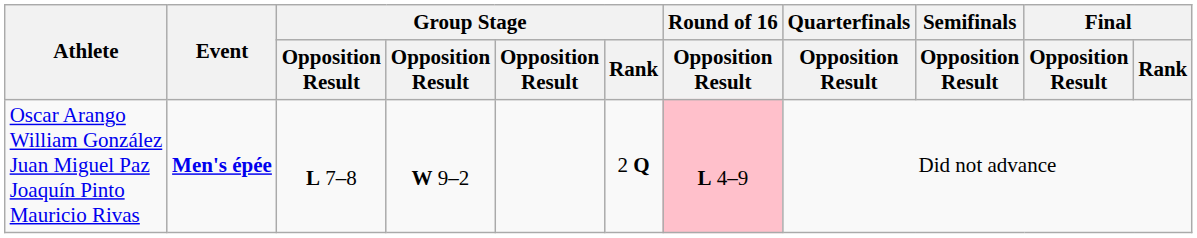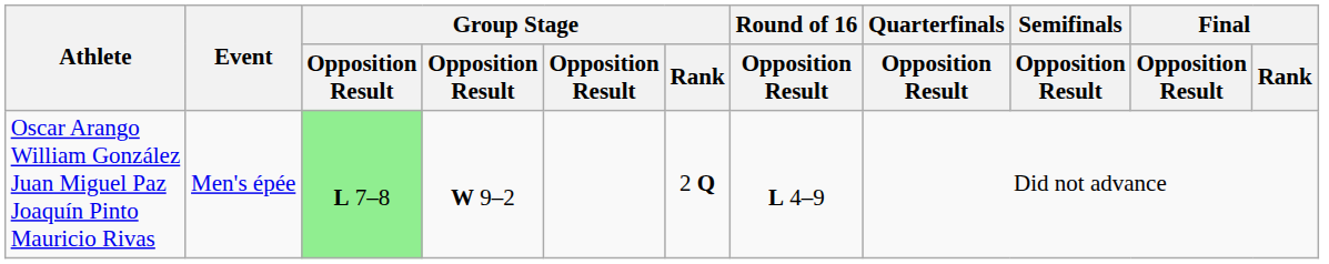 <table class=wikitable style="font-size:90%">
 <tr>
 <th rowspan="2">Athlete</th>
 <th rowspan="2">Event</th>
 <th colspan="4">Group Stage</th>
 <th>Round of 16</th>
 <th>Quarterfinals</th>
 <th>Semifinals</th>
 <th colspan="2">Final</th>
 </tr>
 <tr>
 <th>Opposition<br>Result</th>
 <th>Opposition<br>Result</th>
 <th>Opposition<br>Result</th>
 <th>Rank</th>
 <th>Opposition<br>Result</th>
 <th>Opposition<br>Result</th>
 <th>Opposition<br>Result</th>
 <th>Opposition<br>Result</th>
 <th>Rank</th>
 </tr>
 <tr align=center>
 <td align=left><a href='#'>Oscar Arango</a><br><a href='#'>William González</a><br><a href='#'>Juan Miguel Paz</a><br><a href='#'>Joaquín Pinto</a><br><a href='#'>Mauricio Rivas</a></td>
-<td align=left><strong><a href='#'>Men's épée</a></strong></td>
-<td><br><strong>L</strong> 7–8</td>
+<td align=left><a href='#'>Men's épée</a></td>
+<td style="background: lightgreen;"><br><strong>L</strong> 7–8</td>
 <td><br><strong>W</strong> 9–2</td>
 <td></td>
 <td>2 <strong>Q</strong></td>
-<td style="background: pink;"><br><strong>L</strong> 4–9</td>
+<td><br><strong>L</strong> 4–9</td>
 <td colspan=4>Did not advance</td>
 </tr>
 </table>
